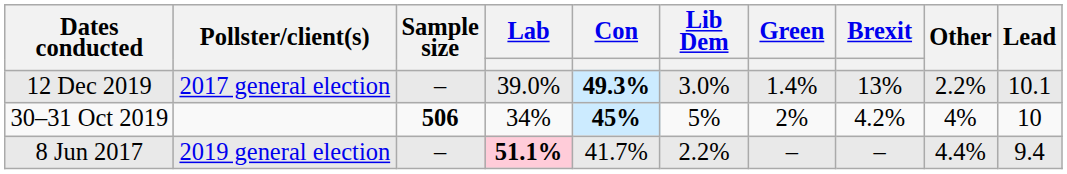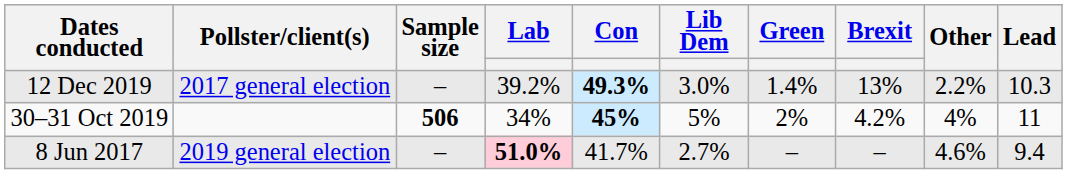 <table class="wikitable sortable mw-datatable" style="text-align:center;line-height:14px;">
 <tr>
 <th rowspan="2">Dates<br>conducted</th>
 <th rowspan="2">Pollster/client(s)</th>
 <th rowspan="2" data-sort-type="number">Sample<br>size</th>
 <th class="unsortable" style="width:50px;"><a href='#'>Lab</a></th>
 <th class="unsortable" style="width:50px;"><a href='#'>Con</a></th>
 <th class="unsortable" style="width:50px;"><a href='#'>Lib Dem</a></th>
 <th class="unsortable" style="width:50px;"><a href='#'>Green</a></th>
 <th class="unsortable" style="width:50px;"><a href='#'>Brexit</a></th>
 <th rowspan="2" class="unsortable">Other</th>
 <th rowspan="2" data-sort-type="number">Lead</th>
 </tr>
 <tr>
 <th data-sort-type="number" style="background:"></th>
 <th data-sort-type="number" style="background:"></th>
 <th data-sort-type="number" style="background:"></th>
 <th data-sort-type="number" style="background:"></th>
 <th data-sort-type="number" style="background:"></th>
 </tr>
 <tr style="background:#E9E9E9;">
 <td data-sort-value="2017-06-08">12 Dec 2019</td>
 <td><a href='#'>2017 general election</a></td>
 <td>–</td>
-<td>39.0%</td>
+<td>39.2%</td>
 <td style="background:#CCEBFF;"><strong>49.3%</strong></td>
 <td>3.0%</td>
 <td>1.4%</td>
 <td>13%</td>
 <td>2.2%</td>
-<td style="background:">10.1</td>
+<td style="background:">10.3</td>
 </tr>
 <tr>
 <td data-sort-value="2019-10-30">30–31 Oct 2019</td>
 <td></td>
 <td><strong>506</strong></td>
 <td>34%</td>
 <td style="background:#CCEBFF;"><strong>45%</strong></td>
 <td>5%</td>
 <td>2%</td>
 <td>4.2%</td>
 <td>4%</td>
-<td style="background:">10</td>
+<td style="background:">11</td>
 </tr>
 <tr style="background:#E9E9E9;">
 <td data-sort-value="2017-06-08">8 Jun 2017</td>
 <td><a href='#'>2019 general election</a></td>
 <td>–</td>
-<td style="background:#FFCCD9;"><strong>51.1%</strong></td>
+<td style="background:#FFCCD9;"><strong>51.0%</strong></td>
 <td>41.7%</td>
-<td>2.2%</td>
+<td>2.7%</td>
 <td>–</td>
 <td>–</td>
-<td>4.4%</td>
+<td>4.6%</td>
 <td style="background:">9.4</td>
 </tr>
 </table>
